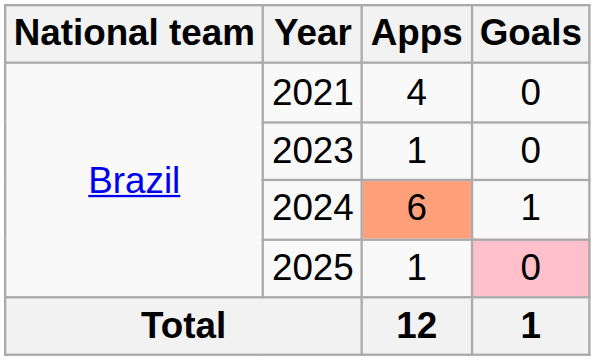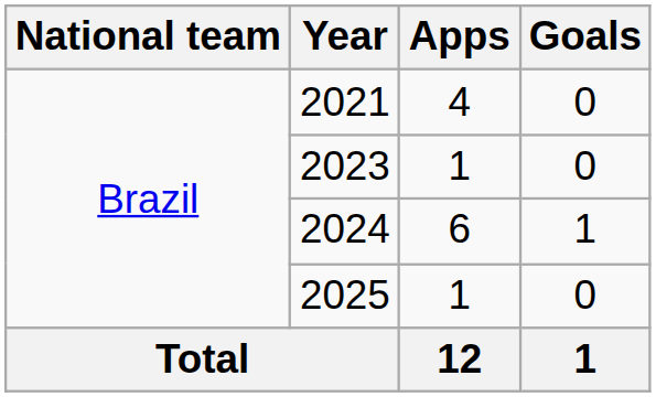 <table class="wikitable" style="text-align:center">
 <tr>
 <th>National team</th>
 <th>Year</th>
 <th>Apps</th>
 <th>Goals</th>
 </tr>
 <tr>
 <td rowspan="4"><a href='#'>Brazil</a></td>
 <td>2021</td>
 <td>4</td>
 <td>0</td>
 </tr>
 <tr>
 <td>2023</td>
 <td>1</td>
 <td>0</td>
 </tr>
 <tr>
 <td>2024</td>
-<td style="background: lightsalmon;">6</td>
+<td>6</td>
 <td>1</td>
 </tr>
 <tr>
 <td>2025</td>
 <td>1</td>
-<td style="background: pink;">0</td>
+<td>0</td>
 </tr>
 <tr>
 <th colspan="2">Total</th>
 <th>12</th>
 <th>1</th>
 </tr>
 </table>
